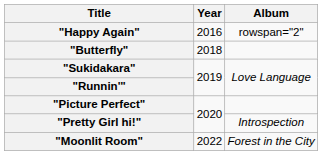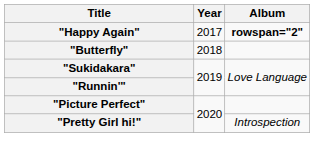 <table class="wikitable plainrowheaders" style="text-align:center;" border="1">
 <tr>
 <th scope="col" style="width:16em;">Title</th>
 <th scope="col">Year</th>
 <th scope="col">Album</th>
 </tr>
 <tr>
 <th scope="row">"Happy Again"</th>
-<td>2016</td>
-<td>rowspan="2" </td>
+<td>2017</td>
+<td><strong>rowspan="2" </strong></td>
 </tr>
 <tr>
 <th scope="row">"Butterfly"</th>
 <td>2018</td>
 </tr>
 <tr>
 <th scope="row">"Sukidakara"</th>
 <td rowspan="2">2019</td>
 <td rowspan="2"><em>Love Language</em></td>
 </tr>
 <tr>
 <th scope="row">"Runnin'"<br></th>
 </tr>
 <tr>
 <th scope="row">"Picture Perfect"</th>
 <td rowspan="2">2020</td>
 <td></td>
 </tr>
 <tr>
 <th scope="row">"Pretty Girl hi!"</th>
 <td><em>Introspection</em></td>
 </tr>
-<tr>
-<th scope="row">"Moonlit Room"</th>
-<td>2022</td>
-<td><em>Forest in the City</em></td>
-</tr>
 </table>
